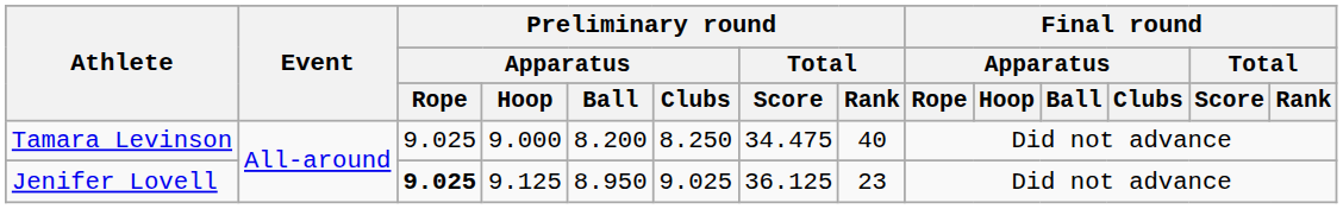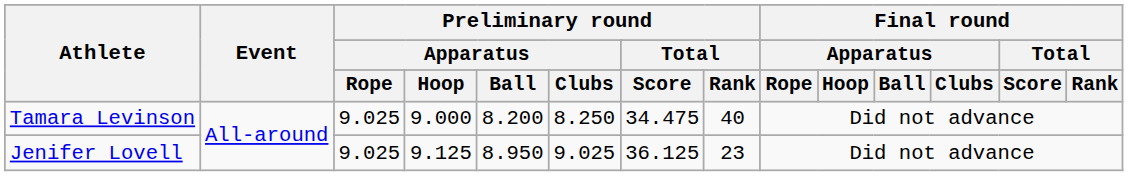 <table class=wikitable style=font-size:90%;text-align:center>
 <tr>
 <th rowspan=3>Athlete</th>
 <th rowspan=3>Event</th>
 <th colspan=6>Preliminary round</th>
 <th colspan=6>Final round</th>
 </tr>
 <tr style=font-size:95%>
 <th colspan=4>Apparatus</th>
 <th colspan=2>Total</th>
 <th colspan=4>Apparatus</th>
 <th colspan=2>Total</th>
 </tr>
 <tr style=font-size:95%>
 <th>Rope</th>
 <th>Hoop</th>
 <th>Ball</th>
 <th>Clubs</th>
 <th>Score</th>
 <th>Rank</th>
 <th>Rope</th>
 <th>Hoop</th>
 <th>Ball</th>
 <th>Clubs</th>
 <th>Score</th>
 <th>Rank</th>
 </tr>
 <tr>
 <td align=left><a href='#'>Tamara Levinson</a></td>
 <td align=left rowspan=2><a href='#'>All-around</a></td>
 <td>9.025</td>
 <td>9.000</td>
 <td>8.200</td>
 <td>8.250</td>
 <td>34.475</td>
 <td>40</td>
 <td colspan=6>Did not advance</td>
 </tr>
 <tr>
 <td align=left><a href='#'>Jenifer Lovell</a></td>
-<td><strong>9.025</strong></td>
+<td>9.025</td>
 <td>9.125</td>
 <td>8.950</td>
 <td>9.025</td>
 <td>36.125</td>
 <td>23</td>
 <td colspan=6>Did not advance</td>
 </tr>
 </table>
